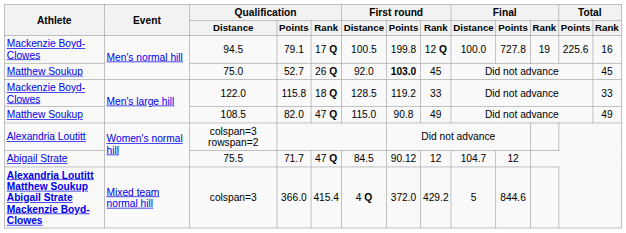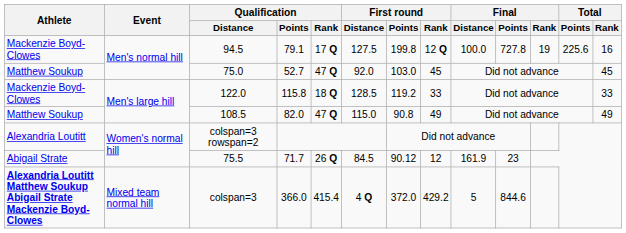 <table class=wikitable style=font-size:90%;text-align:center>
 <tr>
 <th rowspan=2>Athlete</th>
 <th rowspan=2>Event</th>
 <th colspan=3>Qualification</th>
 <th colspan=3>First round</th>
 <th colspan=3>Final</th>
 <th colspan=2>Total</th>
 </tr>
 <tr style=font-size:95%>
 <th>Distance</th>
 <th>Points</th>
 <th>Rank</th>
 <th>Distance</th>
 <th>Points</th>
 <th>Rank</th>
 <th>Distance</th>
 <th>Points</th>
 <th>Rank</th>
 <th>Points</th>
 <th>Rank</th>
 </tr>
 <tr>
 <td align=left><a href='#'>Mackenzie Boyd-Clowes</a></td>
 <td align=left rowspan=2><a href='#'>Men's normal hill</a></td>
 <td>94.5</td>
 <td>79.1</td>
 <td>17 <strong>Q</strong></td>
-<td>100.5</td>
+<td>127.5</td>
 <td>199.8</td>
 <td>12 <strong>Q</strong></td>
 <td>100.0</td>
 <td>727.8</td>
 <td>19</td>
 <td>225.6</td>
 <td>16</td>
 </tr>
 <tr>
 <td align=left><a href='#'>Matthew Soukup</a></td>
 <td>75.0</td>
 <td>52.7</td>
-<td>26 <strong>Q</strong></td>
+<td>47 <strong>Q</strong></td>
 <td>92.0</td>
-<td><strong>103.0</strong></td>
+<td>103.0</td>
 <td>45</td>
 <td colspan=4>Did not advance</td>
 <td>45</td>
 </tr>
 <tr>
 <td align=left><a href='#'>Mackenzie Boyd-Clowes</a></td>
 <td align=left rowspan=2><a href='#'>Men's large hill</a></td>
 <td>122.0</td>
 <td>115.8</td>
 <td>18 <strong>Q</strong></td>
 <td>128.5</td>
 <td>119.2</td>
 <td>33</td>
 <td colspan=4>Did not advance</td>
 <td>33</td>
 </tr>
 <tr>
 <td align=left><a href='#'>Matthew Soukup</a></td>
 <td>108.5</td>
 <td>82.0</td>
 <td>47 <strong>Q</strong></td>
 <td>115.0</td>
 <td>90.8</td>
 <td>49</td>
 <td colspan=4>Did not advance</td>
 <td>49</td>
 </tr>
 <tr>
 <td align=left><a href='#'>Alexandria Loutitt</a></td>
 <td align=left rowspan=2><a href='#'>Women's normal hill</a></td>
 <td>colspan=3 rowspan=2 </td>
 <td colspan=3></td>
 <td colspan=4>Did not advance</td>
 <td></td>
 </tr>
 <tr>
 <td align=left><a href='#'>Abigail Strate</a></td>
 <td>75.5</td>
 <td>71.7</td>
-<td>47 <strong>Q</strong></td>
+<td>26 <strong>Q</strong></td>
 <td>84.5</td>
 <td>90.12</td>
 <td>12</td>
-<td>104.7</td>
-<td>12</td>
+<td>161.9</td>
+<td>23</td>
 </tr>
 <tr>
 <td align=left><strong><a href='#'>Alexandria Loutitt</a><br><a href='#'>Matthew Soukup</a><br><a href='#'>Abigail Strate</a><br><a href='#'>Mackenzie Boyd-Clowes</a></strong></td>
 <td align=left><a href='#'>Mixed team normal hill</a></td>
 <td>colspan=3 </td>
 <td>366.0</td>
 <td>415.4</td>
 <td>4 <strong>Q</strong></td>
 <td>372.0</td>
 <td>429.2</td>
 <td>5</td>
 <td>844.6</td>
 <td></td>
 </tr>
 </table>
